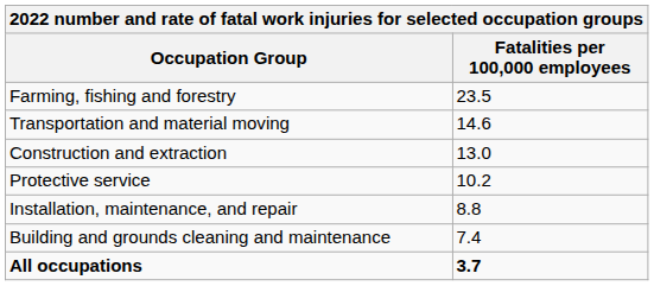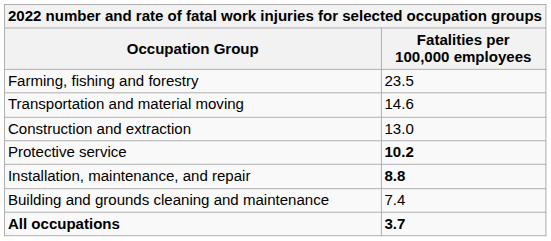 <table class="wikitable sortable sort-under col2right" >
 <tr>
 <th colspan=2>2022 number and rate of fatal work injuries for selected occupation groups</th>
 </tr>
 <tr>
 <th>Occupation Group</th>
 <th>Fatalities per<br>100,000 employees</th>
 </tr>
 <tr>
 <td>Farming, fishing and forestry</td>
 <td>23.5</td>
 </tr>
 <tr>
 <td>Transportation and material moving</td>
 <td>14.6</td>
 </tr>
 <tr>
 <td>Construction and extraction</td>
 <td>13.0</td>
 </tr>
 <tr>
 <td>Protective service</td>
-<td>10.2</td>
+<td><strong>10.2</strong></td>
 </tr>
 <tr>
 <td>Installation, maintenance, and repair</td>
-<td>8.8</td>
+<td><strong>8.8</strong></td>
 </tr>
 <tr>
 <td>Building and grounds cleaning and maintenance</td>
 <td>7.4</td>
 </tr>
 <tr>
 <td><strong>All occupations</strong></td>
 <td><strong>3.7</strong></td>
 </tr>
 </table>
